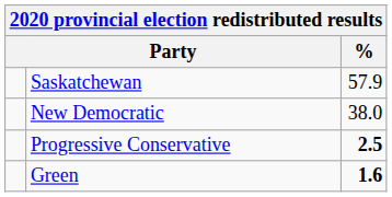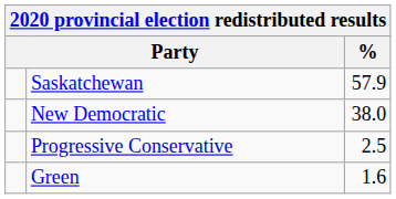 <table class="wikitable">
 <tr>
 <th colspan="4"><a href='#'>2020 provincial election</a> redistributed results</th>
 </tr>
 <tr>
 <th bgcolor="#DDDDFF" width="130px" colspan="2">Party</th>
 <th bgcolor="#DDDDFF" width="30px">%</th>
 </tr>
 <tr>
 <td> </td>
 <td><a href='#'>Saskatchewan</a></td>
 <td align=right>57.9</td>
 </tr>
 <tr>
 <td> </td>
 <td><a href='#'>New Democratic</a></td>
 <td align=right>38.0</td>
 </tr>
 <tr>
 <td> </td>
 <td><a href='#'>Progressive Conservative</a></td>
-<td align=right><strong>2.5</strong></td>
+<td align=right>2.5</td>
 </tr>
 <tr>
 <td> </td>
 <td><a href='#'>Green</a></td>
-<td align=right><strong>1.6</strong></td>
+<td align=right>1.6</td>
 </tr>
 </table>
